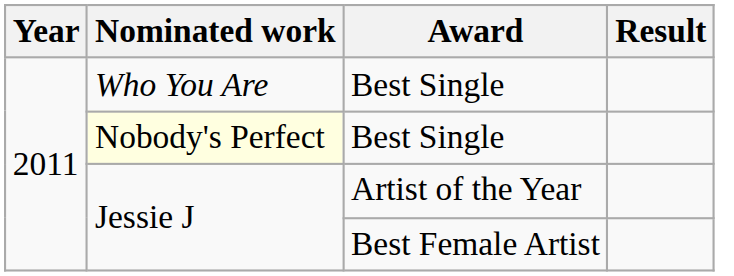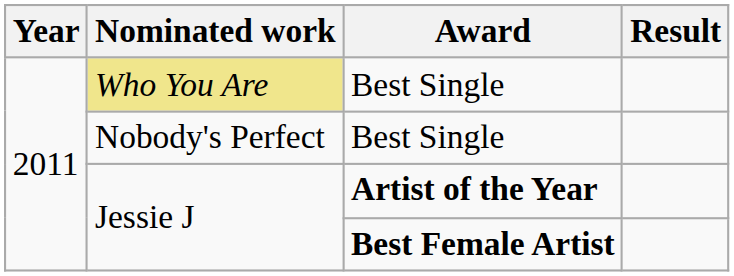 <table class="wikitable">
 <tr>
 <th>Year</th>
 <th>Nominated work</th>
 <th>Award</th>
 <th>Result</th>
 </tr>
 <tr>
 <td rowspan="4">2011</td>
-<td rowspan="1"><em>Who You Are</em></td>
+<td rowspan="1" style="background: khaki;"><em>Who You Are</em></td>
 <td>Best Single</td>
 <td></td>
 </tr>
 <tr>
-<td rowspan="1" style="background: lightyellow;">Nobody's Perfect</td>
+<td rowspan="1">Nobody's Perfect</td>
 <td>Best Single</td>
 <td></td>
 </tr>
 <tr>
 <td rowspan="2">Jessie J</td>
-<td>Artist of the Year</td>
+<td><strong>Artist of the Year</strong></td>
 <td></td>
 </tr>
 <tr>
-<td>Best Female Artist</td>
+<td><strong>Best Female Artist</strong></td>
 <td></td>
 </tr>
 </table>
